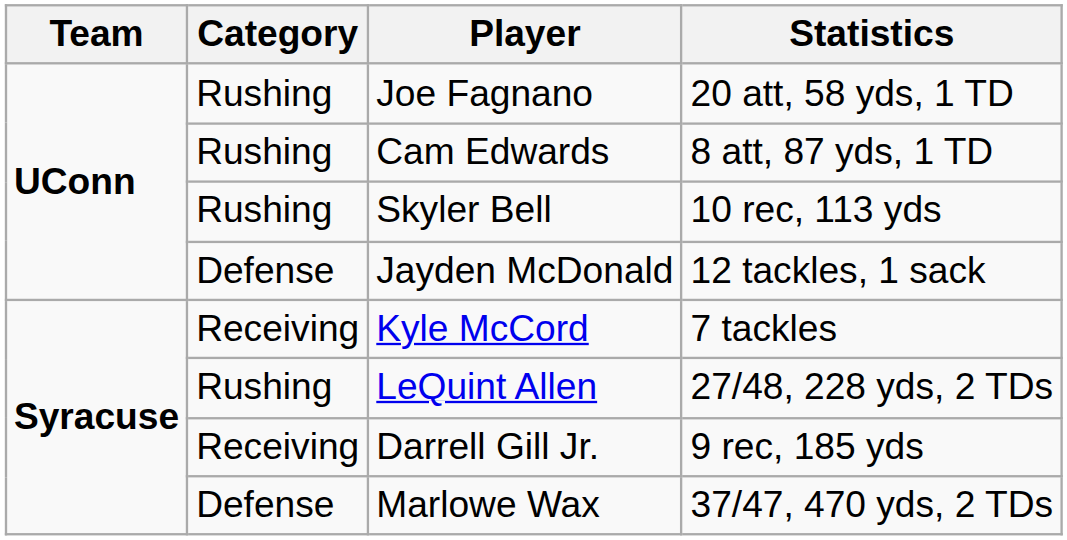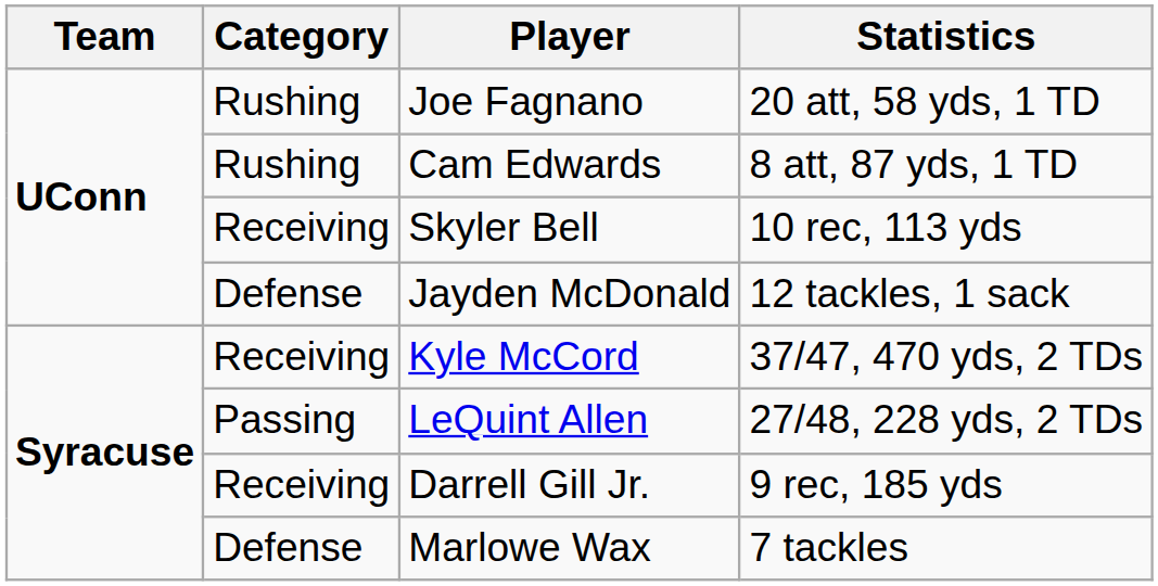 <table class="wikitable" style="float: right;">
 <tr>
 <th>Team</th>
 <th>Category</th>
 <th>Player</th>
 <th>Statistics</th>
 </tr>
 <tr>
 <td rowspan=4><strong>UConn</strong></td>
 <td>Rushing</td>
 <td>Joe Fagnano</td>
 <td>20 att, 58 yds, 1 TD</td>
 </tr>
 <tr>
 <td>Rushing</td>
 <td>Cam Edwards</td>
 <td>8 att, 87 yds, 1 TD</td>
 </tr>
 <tr>
-<td>Rushing</td>
+<td>Receiving</td>
 <td>Skyler Bell</td>
 <td>10 rec, 113 yds</td>
 </tr>
 <tr>
 <td>Defense</td>
 <td>Jayden McDonald</td>
 <td>12 tackles, 1 sack</td>
 </tr>
 <tr>
 <td rowspan=4><strong>Syracuse</strong></td>
 <td>Receiving</td>
 <td><a href='#'>Kyle McCord</a></td>
-<td>7 tackles</td>
+<td>37/47, 470 yds, 2 TDs</td>
 </tr>
 <tr>
-<td>Rushing</td>
+<td>Passing</td>
 <td><a href='#'>LeQuint Allen</a></td>
 <td>27/48, 228 yds, 2 TDs</td>
 </tr>
 <tr>
 <td>Receiving</td>
 <td>Darrell Gill Jr.</td>
 <td>9 rec, 185 yds</td>
 </tr>
 <tr>
 <td>Defense</td>
 <td>Marlowe Wax</td>
-<td>37/47, 470 yds, 2 TDs</td>
+<td>7 tackles</td>
 </tr>
 </table>
